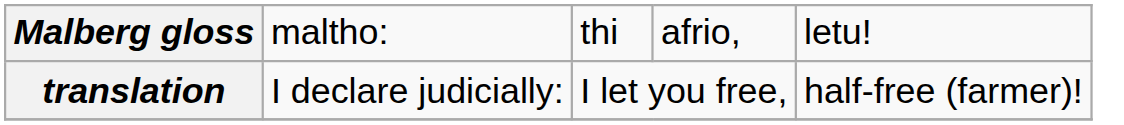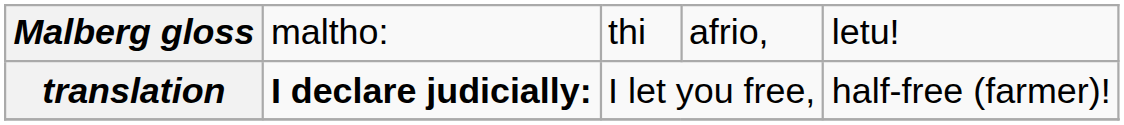 <table class="wikitable">
 <tr>
 <th><em>Malberg gloss</em></th>
 <td>maltho:</td>
 <td>thi</td>
 <td>afrio,</td>
 <td>letu!</td>
 </tr>
 <tr>
 <th><em>translation</em><br></th>
-<td>I declare judicially:</td>
+<td><strong>I declare judicially:</strong></td>
 <td colspan="2">I let you free,</td>
 <td>half-free (farmer)!</td>
 </tr>
 <tr>
 </tr>
 </table>
